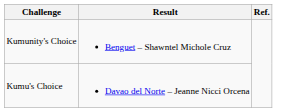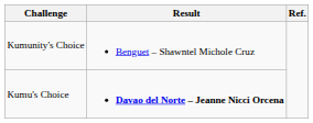 <table class="wikitable sortable" style="font-size: 95%;">
 <tr>
 <th>Challenge</th>
 <th>Result</th>
 <th>Ref.</th>
 </tr>
 <tr>
 <td>Kumunity's Choice</td>
 <td><br><ul><li><a href='#'>Benguet</a> – Shawntel Michole Cruz</li></ul></td>
 <td rowspan="2"></td>
 </tr>
 <tr>
 <td>Kumu's Choice</td>
-<td><br><ul><li><a href='#'>Davao del Norte</a> – Jeanne Nicci Orcena</li></ul></td>
+<td><strong><br><ul><li><a href='#'>Davao del Norte</a> – Jeanne Nicci Orcena</li></ul></strong></td>
 </tr>
 </table>
